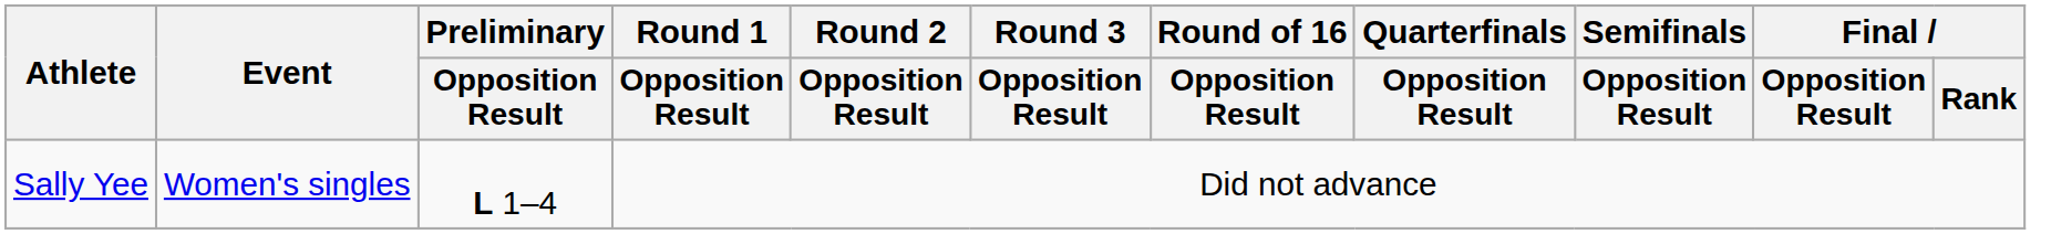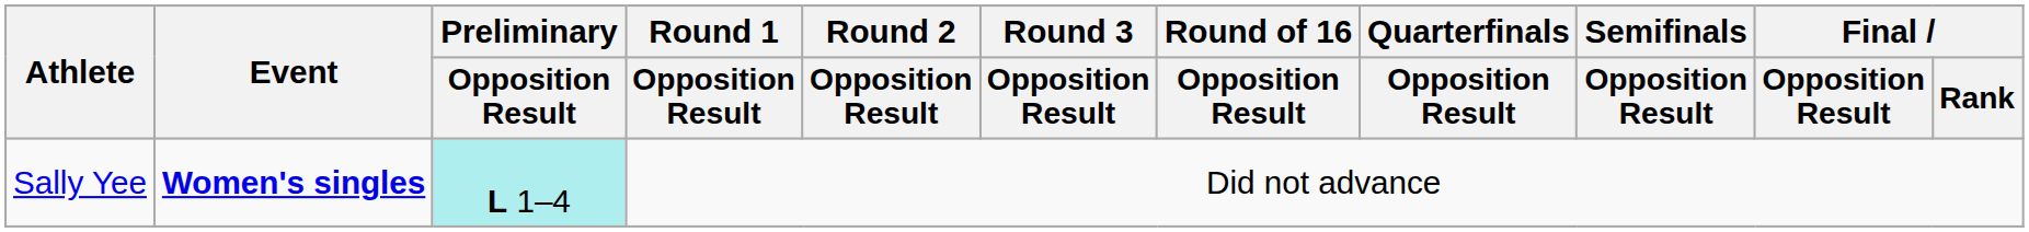 <table class="wikitable" style="font-size:90%;">
 <tr>
 <th rowspan=2>Athlete</th>
 <th rowspan=2>Event</th>
 <th>Preliminary</th>
 <th>Round 1</th>
 <th>Round 2</th>
 <th>Round 3</th>
 <th>Round of 16</th>
 <th>Quarterfinals</th>
 <th>Semifinals</th>
 <th colspan=2>Final / </th>
 </tr>
 <tr style="font-size:95%">
 <th>Opposition<br>Result</th>
 <th>Opposition<br>Result</th>
 <th>Opposition<br>Result</th>
 <th>Opposition<br>Result</th>
 <th>Opposition<br>Result</th>
 <th>Opposition<br>Result</th>
 <th>Opposition<br>Result</th>
 <th>Opposition<br>Result</th>
 <th>Rank</th>
 </tr>
 <tr align=center>
 <td align=left><a href='#'>Sally Yee</a></td>
-<td align=left><a href='#'>Women's singles</a></td>
-<td><br><strong>L</strong> 1–4</td>
+<td align=left><strong><a href='#'>Women's singles</a></strong></td>
+<td style="background: paleturquoise;"><br><strong>L</strong> 1–4</td>
 <td colspan=8>Did not advance</td>
 </tr>
 </table>
